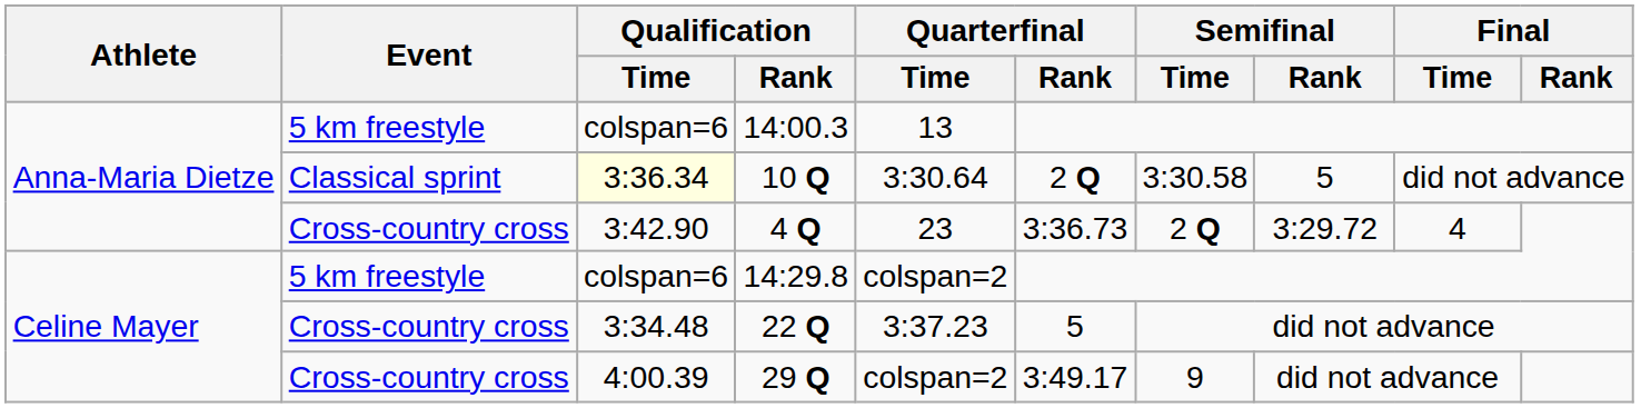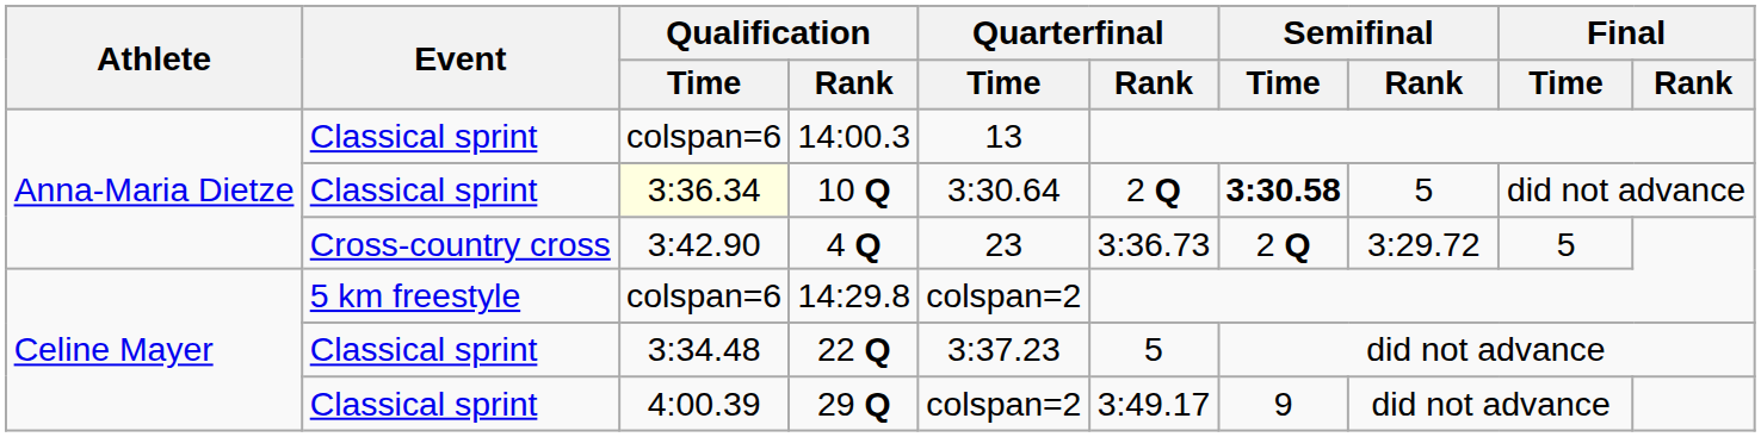 <table class="wikitable" style="font-size:90%">
 <tr>
 <th rowspan="2">Athlete</th>
 <th rowspan="2">Event</th>
 <th colspan="2">Qualification</th>
 <th colspan="2">Quarterfinal</th>
 <th colspan="2">Semifinal</th>
 <th colspan="2">Final</th>
 </tr>
 <tr style="font-size:95%">
 <th>Time</th>
 <th>Rank</th>
 <th>Time</th>
 <th>Rank</th>
 <th>Time</th>
 <th>Rank</th>
 <th>Time</th>
 <th>Rank</th>
 </tr>
 <tr align=center>
 <td align=left rowspan=3><a href='#'>Anna-Maria Dietze</a></td>
-<td align=left><a href='#'>5 km freestyle</a></td>
+<td align=left><a href='#'>Classical sprint</a></td>
 <td>colspan=6 </td>
 <td>14:00.3</td>
 <td>13</td>
 </tr>
 <tr align=center>
 <td align=left><a href='#'>Classical sprint</a></td>
 <td style="background: lightyellow;">3:36.34</td>
 <td>10 <strong>Q</strong></td>
 <td>3:30.64</td>
 <td>2 <strong>Q</strong></td>
-<td>3:30.58</td>
+<td><strong>3:30.58</strong></td>
 <td>5</td>
 <td colspan=2>did not advance</td>
 </tr>
 <tr align=center>
 <td align=left><a href='#'>Cross-country cross</a></td>
 <td>3:42.90</td>
 <td>4 <strong>Q</strong></td>
 <td>23</td>
 <td>3:36.73</td>
 <td>2 <strong>Q</strong></td>
 <td>3:29.72</td>
-<td>4</td>
+<td>5</td>
 </tr>
 <tr align=center>
 <td align=left rowspan=3><a href='#'>Celine Mayer</a></td>
 <td align=left><a href='#'>5 km freestyle</a></td>
 <td>colspan=6 </td>
 <td>14:29.8</td>
 <td>colspan=2 </td>
 </tr>
 <tr align=center>
-<td align=left><a href='#'>Cross-country cross</a></td>
+<td align=left><a href='#'>Classical sprint</a></td>
 <td>3:34.48</td>
 <td>22 <strong>Q</strong></td>
 <td>3:37.23</td>
 <td>5</td>
 <td colspan=4>did not advance</td>
 </tr>
 <tr align=center>
-<td align=left><a href='#'>Cross-country cross</a></td>
+<td align=left><a href='#'>Classical sprint</a></td>
 <td>4:00.39</td>
 <td>29 <strong>Q</strong></td>
 <td>colspan=2 </td>
 <td>3:49.17</td>
 <td>9</td>
 <td colspan=2>did not advance</td>
 </tr>
 </table>
